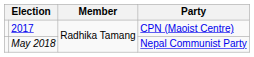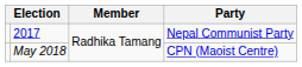 <table class="wikitable">
 <tr>
 <th colspan="2">Election</th>
 <th>Member</th>
 <th>Party</th>
 </tr>
 <tr>
 <td style="background-color:"></td>
 <td><a href='#'>2017</a></td>
 <td rowspan="2">Radhika Tamang</td>
-<td><a href='#'>CPN (Maoist Centre)</a></td>
+<td><a href='#'>Nepal Communist Party</a></td>
 </tr>
 <tr>
 <td style="background-color:"></td>
 <td><em>May 2018</em></td>
-<td><a href='#'>Nepal Communist Party</a></td>
+<td><a href='#'>CPN (Maoist Centre)</a></td>
 </tr>
 </table>
